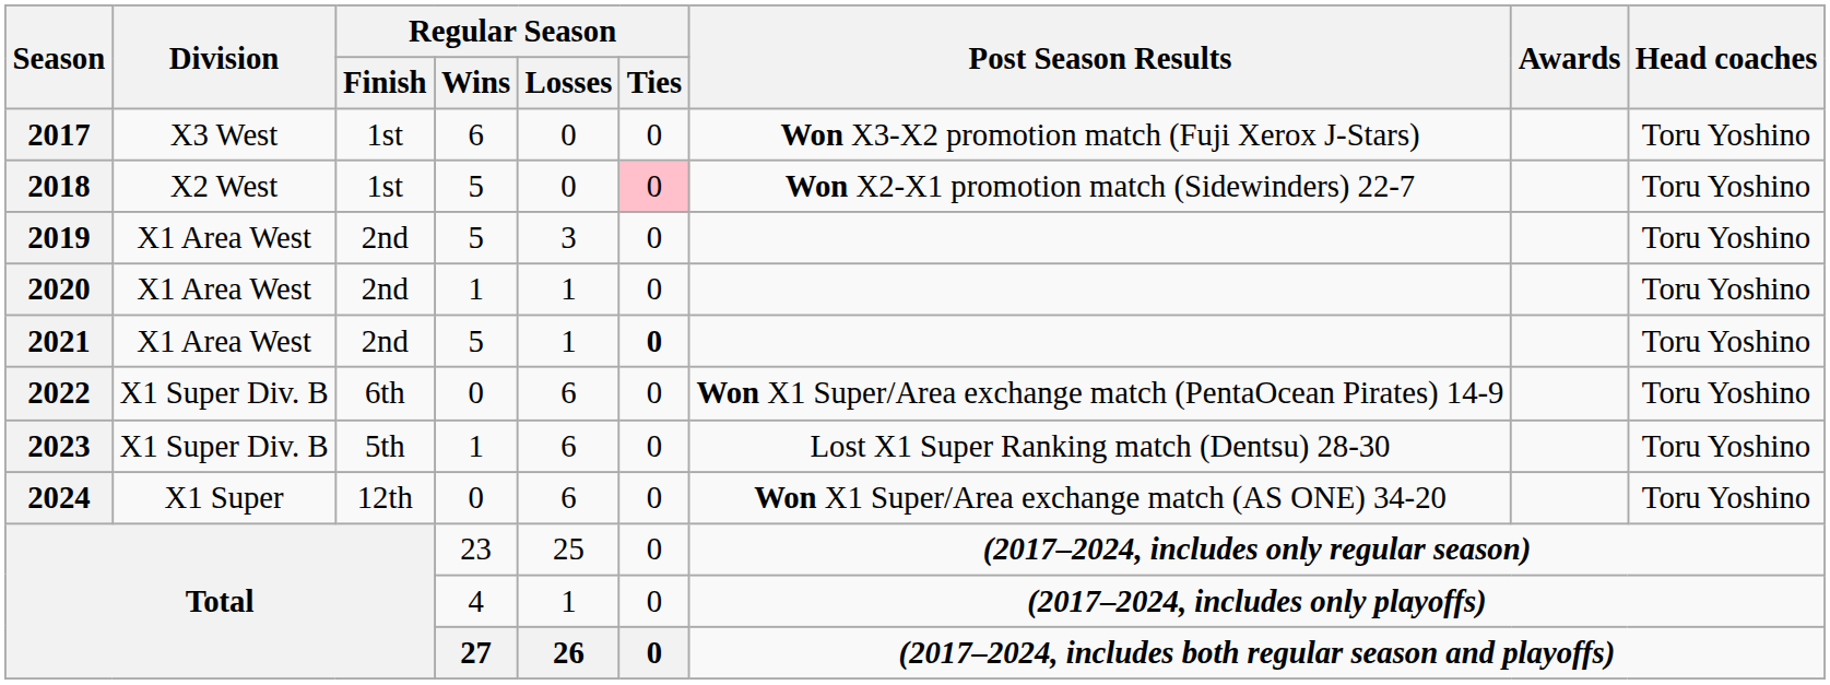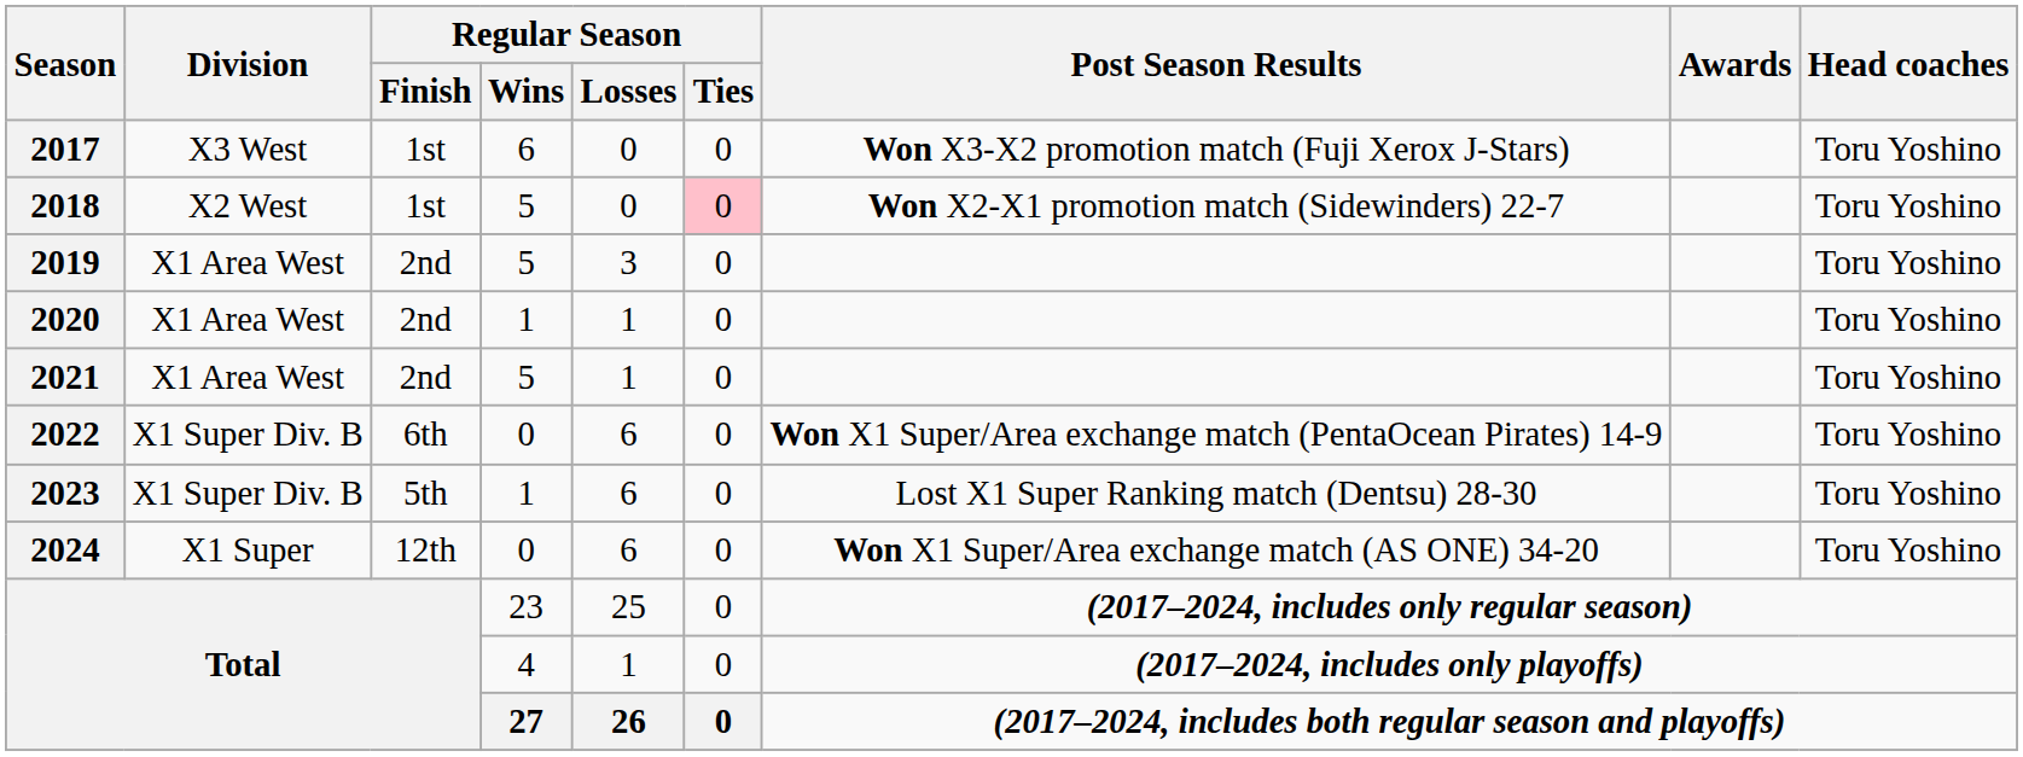 <table class="wikitable" style="text-align:center; font-size:95%">
 <tr>
 <th rowspan="2">Season</th>
 <th rowspan="2">Division</th>
 <th colspan="4">Regular Season</th>
 <th rowspan="2">Post Season Results</th>
 <th rowspan="2">Awards</th>
 <th rowspan="2">Head coaches</th>
 </tr>
 <tr>
 <th>Finish</th>
 <th>Wins</th>
 <th>Losses</th>
 <th>Ties</th>
 </tr>
 <tr>
 <th align="center">2017</th>
 <td align="center">X3 West</td>
 <td align="center" bgcolor="">1st</td>
 <td align="center">6</td>
 <td align="center">0</td>
 <td align="center">0</td>
 <td><strong>Won</strong> X3-X2 promotion match (Fuji Xerox J-Stars)</td>
 <td></td>
 <td>Toru Yoshino</td>
 </tr>
 <tr>
 <th align="center">2018</th>
 <td align="center">X2 West</td>
 <td align="center" bgcolor="">1st</td>
 <td align="center">5</td>
 <td align="center">0</td>
 <td align="center" style="background: pink;">0</td>
 <td><strong>Won</strong> X2-X1 promotion match (Sidewinders) 22-7</td>
 <td></td>
 <td>Toru Yoshino</td>
 </tr>
 <tr>
 <th align="center">2019</th>
 <td align="center">X1 Area West</td>
 <td align="center" bgcolor="">2nd</td>
 <td align="center">5</td>
 <td align="center">3</td>
 <td align="center">0</td>
 <td></td>
 <td></td>
 <td>Toru Yoshino</td>
 </tr>
 <tr>
 <th align="center">2020</th>
 <td align="center">X1 Area West</td>
 <td align="center" bgcolor="">2nd</td>
 <td align="center">1</td>
 <td align="center">1</td>
 <td align="center">0</td>
 <td></td>
 <td></td>
 <td>Toru Yoshino</td>
 </tr>
 <tr>
 <th align="center">2021</th>
 <td align="center">X1 Area West</td>
 <td align="center" bgcolor="">2nd</td>
 <td align="center">5</td>
 <td align="center">1</td>
-<td align="center"><strong>0</strong></td>
+<td align="center">0</td>
 <td></td>
 <td></td>
 <td>Toru Yoshino</td>
 </tr>
 <tr>
 <th align="center">2022</th>
 <td align="center">X1 Super Div. B</td>
 <td align="center" bgcolor="">6th</td>
 <td align="center">0</td>
 <td align="center">6</td>
 <td align="center">0</td>
 <td><strong>Won</strong> X1 Super/Area exchange match (PentaOcean Pirates) 14-9</td>
 <td></td>
 <td>Toru Yoshino</td>
 </tr>
 <tr>
 <th align="center">2023</th>
 <td align="center">X1 Super Div. B</td>
 <td align="center" bgcolor="">5th</td>
 <td align="center">1</td>
 <td align="center">6</td>
 <td align="center">0</td>
 <td>Lost X1 Super Ranking match (Dentsu) 28-30</td>
 <td></td>
 <td>Toru Yoshino</td>
 </tr>
 <tr>
 <th align="center">2024</th>
 <td align="center">X1 Super</td>
 <td align="center" bgcolor="">12th</td>
 <td align="center">0</td>
 <td align="center">6</td>
 <td align="center">0</td>
 <td><strong>Won</strong> X1 Super/Area exchange match (AS ONE) 34-20</td>
 <td></td>
 <td>Toru Yoshino</td>
 </tr>
 <tr>
 <th align="center" rowSpan="3" colSpan="3">Total</th>
 <td align="center">23</td>
 <td align="center">25</td>
 <td align="center">0</td>
 <td colSpan="3"><strong><em>(2017–2024, includes only regular season)</em></strong></td>
 </tr>
 <tr>
 <td align="center">4</td>
 <td align="center">1</td>
 <td align="center">0</td>
 <td colSpan="3"><strong><em>(2017–2024, includes only playoffs)</em></strong></td>
 </tr>
 <tr>
 <th align="center">27</th>
 <th align="center">26</th>
 <th align="center">0</th>
 <td colSpan="3"><strong><em>(2017–2024, includes both regular season and playoffs)</em></strong></td>
 </tr>
 </table>
